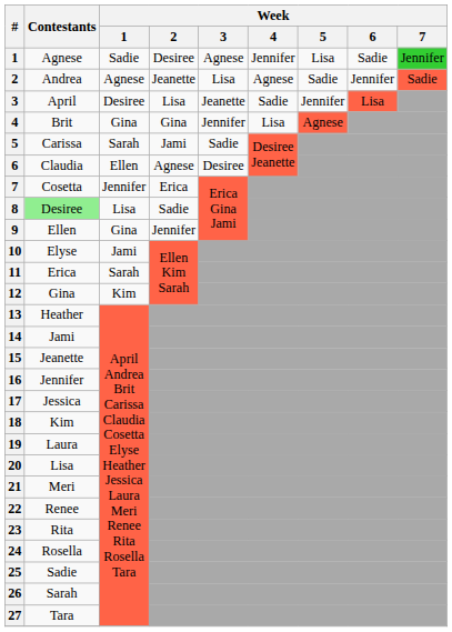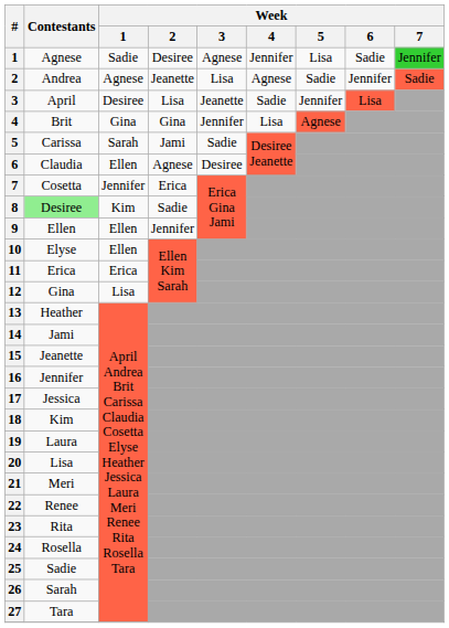 <table class="wikitable" style="text-align:center">
 <tr>
 <th rowspan="2">#</th>
 <th rowspan="2">Contestants</th>
 <th colspan="10">Week</th>
 </tr>
 <tr>
 <th>1</th>
 <th>2</th>
 <th>3</th>
 <th>4</th>
 <th>5</th>
 <th>6</th>
 <th>7</th>
 </tr>
 <tr>
 <th>1</th>
 <td>Agnese</td>
 <td>Sadie</td>
 <td>Desiree</td>
 <td>Agnese</td>
 <td>Jennifer</td>
 <td>Lisa</td>
 <td>Sadie</td>
 <td bgcolor="limegreen">Jennifer</td>
 </tr>
 <tr>
 <th>2</th>
 <td>Andrea</td>
 <td>Agnese</td>
 <td>Jeanette</td>
 <td>Lisa</td>
 <td>Agnese</td>
 <td>Sadie</td>
 <td>Jennifer</td>
 <td bgcolor="tomato">Sadie</td>
 </tr>
 <tr>
 <th>3</th>
 <td>April</td>
 <td>Desiree</td>
 <td>Lisa</td>
 <td>Jeanette</td>
 <td>Sadie</td>
 <td>Jennifer</td>
 <td bgcolor="tomato">Lisa</td>
 <td colspan="10" bgcolor="darkgray"></td>
 </tr>
 <tr>
 <th>4</th>
 <td>Brit</td>
 <td>Gina</td>
 <td>Gina</td>
 <td>Jennifer</td>
 <td>Lisa</td>
 <td bgcolor="tomato">Agnese</td>
 <td colspan="10" bgcolor="darkgray"></td>
 </tr>
 <tr>
 <th>5</th>
 <td>Carissa</td>
 <td>Sarah</td>
 <td>Jami</td>
 <td>Sadie</td>
 <td bgcolor="tomato" rowspan="2">Desiree<br>Jeanette</td>
 <td colspan="10" bgcolor="darkgray"></td>
 </tr>
 <tr>
 <th>6</th>
 <td>Claudia</td>
 <td>Ellen</td>
 <td>Agnese</td>
 <td>Desiree</td>
 <td colspan="10" bgcolor="darkgray"></td>
 </tr>
 <tr>
 <th>7</th>
 <td>Cosetta</td>
 <td>Jennifer</td>
 <td>Erica</td>
 <td bgcolor="tomato" rowspan="3">Erica<br>Gina<br>Jami</td>
 <td colspan="10" bgcolor="darkgray"></td>
 </tr>
 <tr>
 <th>8</th>
 <td style="background: lightgreen;">Desiree</td>
-<td>Lisa</td>
+<td>Kim</td>
 <td>Sadie</td>
 <td colspan="10" bgcolor="darkgray"></td>
 </tr>
 <tr>
 <th>9</th>
 <td>Ellen</td>
-<td>Gina</td>
+<td>Ellen</td>
 <td>Jennifer</td>
 <td colspan="10" bgcolor="darkgray"></td>
 </tr>
 <tr>
 <th>10</th>
 <td>Elyse</td>
-<td>Jami</td>
+<td>Ellen</td>
 <td bgcolor="tomato" rowspan="3">Ellen<br>Kim<br>Sarah</td>
 <td colspan="10" bgcolor="darkgray"></td>
 </tr>
 <tr>
 <th>11</th>
 <td>Erica</td>
-<td>Sarah</td>
+<td>Erica</td>
 <td colspan="10" bgcolor="darkgray"></td>
 </tr>
 <tr>
 <th>12</th>
 <td>Gina</td>
-<td>Kim</td>
+<td>Lisa</td>
 <td colspan="10" bgcolor="darkgray"></td>
 </tr>
 <tr>
 <th>13</th>
 <td>Heather</td>
 <td bgcolor="tomato" rowspan="15">April<br>Andrea<br>Brit<br>Carissa<br>Claudia<br>Cosetta<br>Elyse<br>Heather<br>Jessica<br>Laura<br>Meri<br>Renee<br>Rita<br>Rosella<br>Tara</td>
 <td colspan="10" bgcolor="darkgray"></td>
 </tr>
 <tr>
 <th>14</th>
 <td>Jami</td>
 <td colspan="10" bgcolor="darkgray"></td>
 </tr>
 <tr>
 <th>15</th>
 <td>Jeanette</td>
 <td colspan="10" bgcolor="darkgray"></td>
 </tr>
 <tr>
 <th>16</th>
 <td>Jennifer</td>
 <td colspan="10" bgcolor="darkgray"></td>
 </tr>
 <tr>
 <th>17</th>
 <td>Jessica</td>
 <td colspan="10" bgcolor="darkgray"></td>
 </tr>
 <tr>
 <th>18</th>
 <td>Kim</td>
 <td colspan="10" bgcolor="darkgray"></td>
 </tr>
 <tr>
 <th>19</th>
 <td>Laura</td>
 <td colspan="10" bgcolor="darkgray"></td>
 </tr>
 <tr>
 <th>20</th>
 <td>Lisa</td>
 <td colspan="10" bgcolor="darkgray"></td>
 </tr>
 <tr>
 <th>21</th>
 <td>Meri</td>
 <td colspan="10" bgcolor="darkgray"></td>
 </tr>
 <tr>
 <th>22</th>
 <td>Renee</td>
 <td colspan="10" bgcolor="darkgray"></td>
 </tr>
 <tr>
 <th>23</th>
 <td>Rita</td>
 <td colspan="10" bgcolor="darkgray"></td>
 </tr>
 <tr>
 <th>24</th>
 <td>Rosella</td>
 <td colspan="10" bgcolor="darkgray"></td>
 </tr>
 <tr>
 <th>25</th>
 <td>Sadie</td>
 <td colspan="10" bgcolor="darkgray"></td>
 </tr>
 <tr>
 <th>26</th>
 <td>Sarah</td>
 <td colspan="10" bgcolor="darkgray"></td>
 </tr>
 <tr>
 <th>27</th>
 <td>Tara</td>
 <td colspan="10" bgcolor="darkgray"></td>
 </tr>
 <tr>
 </tr>
 </table>
